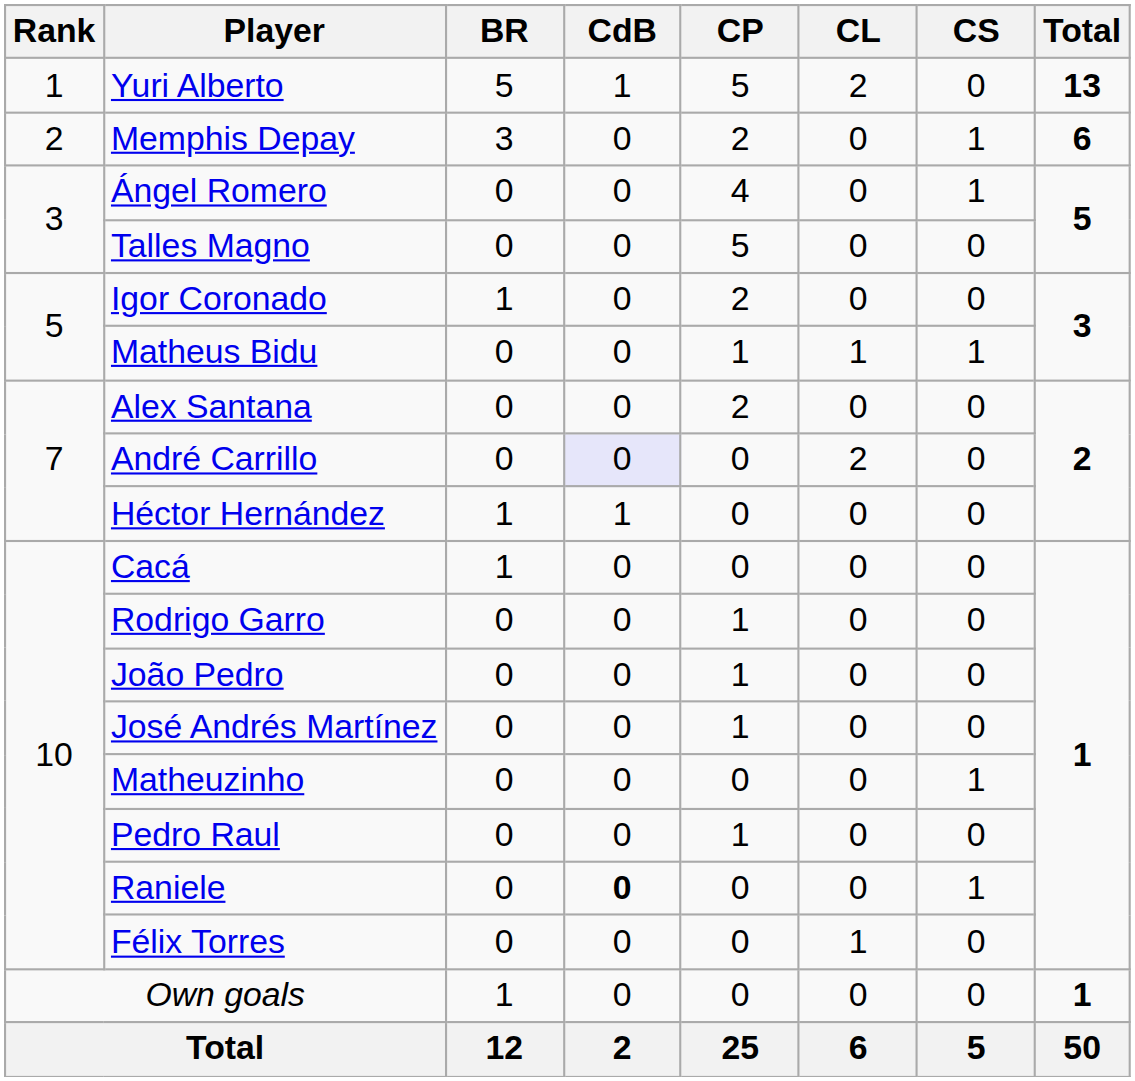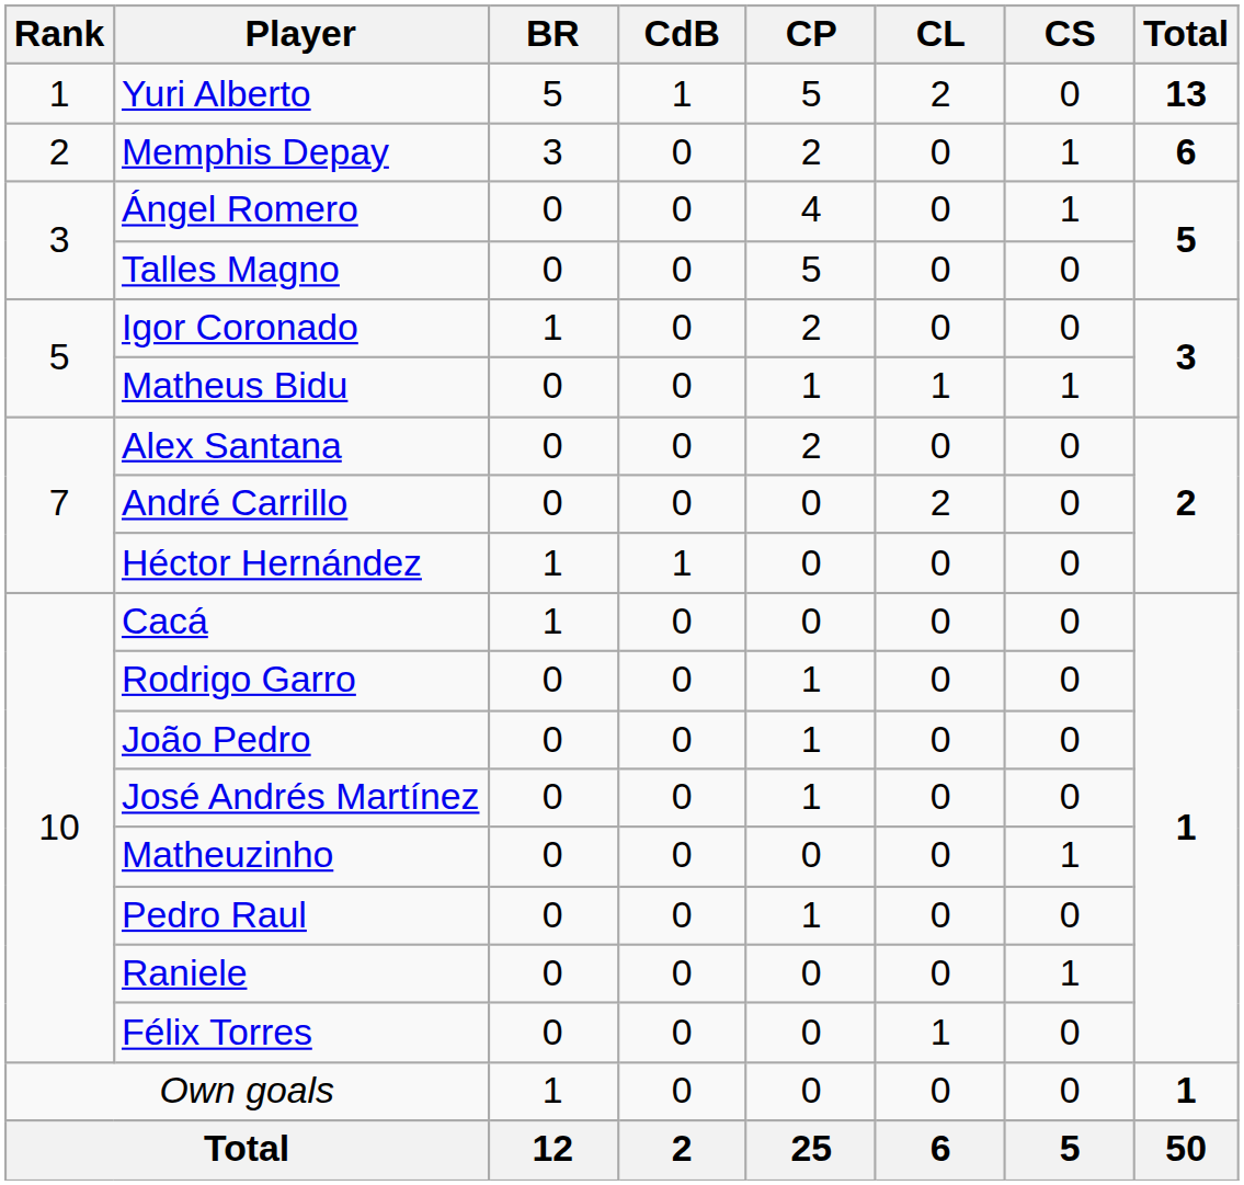 <table class="wikitable" style="text-align:center;">
 <tr>
 <th>Rank</th>
 <th>Player</th>
 <th width=10.5%><abbr>BR</abbr></th>
 <th width=10.5%><abbr>CdB</abbr></th>
 <th width=10.5%><abbr>CP</abbr></th>
 <th width=10.5%><abbr>CL</abbr></th>
 <th width=10.5%><abbr>CS</abbr></th>
 <th>Total</th>
 </tr>
 <tr>
 <td>1</td>
 <td align=left> <a href='#'>Yuri Alberto</a></td>
 <td>5</td>
 <td>1</td>
 <td>5</td>
 <td>2</td>
 <td>0</td>
 <td><strong>13</strong></td>
 </tr>
 <tr>
 <td>2</td>
 <td align=left> <a href='#'>Memphis Depay</a></td>
 <td>3</td>
 <td>0</td>
 <td>2</td>
 <td>0</td>
 <td>1</td>
 <td><strong>6</strong></td>
 </tr>
 <tr>
 <td rowspan=2>3</td>
 <td align=left> <a href='#'>Ángel Romero</a></td>
 <td>0</td>
 <td>0</td>
 <td>4</td>
 <td>0</td>
 <td>1</td>
 <td rowspan=2><strong>5</strong></td>
 </tr>
 <tr>
 <td align=left> <a href='#'>Talles Magno</a></td>
 <td>0</td>
 <td>0</td>
 <td>5</td>
 <td>0</td>
 <td>0</td>
 </tr>
 <tr>
 <td rowspan=2>5</td>
 <td align=left> <a href='#'>Igor Coronado</a></td>
 <td>1</td>
 <td>0</td>
 <td>2</td>
 <td>0</td>
 <td>0</td>
 <td rowspan=2><strong>3</strong></td>
 </tr>
 <tr>
 <td align=left> <a href='#'>Matheus Bidu</a></td>
 <td>0</td>
 <td>0</td>
 <td>1</td>
 <td>1</td>
 <td>1</td>
 </tr>
 <tr>
 <td rowspan=3>7</td>
 <td align=left> <a href='#'>Alex Santana</a></td>
 <td>0</td>
 <td>0</td>
 <td>2</td>
 <td>0</td>
 <td>0</td>
 <td rowspan=3><strong>2</strong></td>
 </tr>
 <tr>
 <td align=left> <a href='#'>André Carrillo</a></td>
 <td>0</td>
-<td style="background: lavender;">0</td>
+<td>0</td>
 <td>0</td>
 <td>2</td>
 <td>0</td>
 </tr>
 <tr>
 <td align=left> <a href='#'>Héctor Hernández</a></td>
 <td>1</td>
 <td>1</td>
 <td>0</td>
 <td>0</td>
 <td>0</td>
 </tr>
 <tr>
 <td rowspan=8>10</td>
 <td align=left> <a href='#'>Cacá</a></td>
 <td>1</td>
 <td>0</td>
 <td>0</td>
 <td>0</td>
 <td>0</td>
 <td rowspan=8><strong>1</strong></td>
 </tr>
 <tr>
 <td align=left> <a href='#'>Rodrigo Garro</a></td>
 <td>0</td>
 <td>0</td>
 <td>1</td>
 <td>0</td>
 <td>0</td>
 </tr>
 <tr>
 <td align=left> <a href='#'>João Pedro</a></td>
 <td>0</td>
 <td>0</td>
 <td>1</td>
 <td>0</td>
 <td>0</td>
 </tr>
 <tr>
 <td align=left> <a href='#'>José Andrés Martínez</a></td>
 <td>0</td>
 <td>0</td>
 <td>1</td>
 <td>0</td>
 <td>0</td>
 </tr>
 <tr>
 <td align=left> <a href='#'>Matheuzinho</a></td>
 <td>0</td>
 <td>0</td>
 <td>0</td>
 <td>0</td>
 <td>1</td>
 </tr>
 <tr>
 <td align=left> <a href='#'>Pedro Raul</a></td>
 <td>0</td>
 <td>0</td>
 <td>1</td>
 <td>0</td>
 <td>0</td>
 </tr>
 <tr>
 <td align=left> <a href='#'>Raniele</a></td>
 <td>0</td>
-<td><strong>0</strong></td>
+<td>0</td>
 <td>0</td>
 <td>0</td>
 <td>1</td>
 </tr>
 <tr>
 <td align=left> <a href='#'>Félix Torres</a></td>
 <td>0</td>
 <td>0</td>
 <td>0</td>
 <td>1</td>
 <td>0</td>
 </tr>
 <tr>
 <td align=center colspan=2><em>Own goals</em></td>
 <td>1</td>
 <td>0</td>
 <td>0</td>
 <td>0</td>
 <td>0</td>
 <td><strong>1</strong></td>
 </tr>
 <tr>
 <th colspan=2>Total</th>
 <th>12</th>
 <th>2</th>
 <th>25</th>
 <th>6</th>
 <th>5</th>
 <th>50</th>
 </tr>
 </table>
